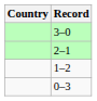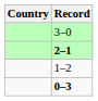 <table class="wikitable">
 <tr>
 <th>Country</th>
 <th>Record</th>
 </tr>
 <tr bgcolor=#bbffbb>
 <td><strong></strong></td>
 <td>3–0</td>
 </tr>
 <tr bgcolor=#bbffbb>
 <td><strong></strong></td>
-<td>2–1</td>
+<td><strong>2–1</strong></td>
 </tr>
 <tr>
 <td><strong></strong></td>
 <td>1–2</td>
 </tr>
 <tr>
 <td><strong></strong></td>
-<td>0–3</td>
+<td><strong>0–3</strong></td>
 </tr>
 </table>
